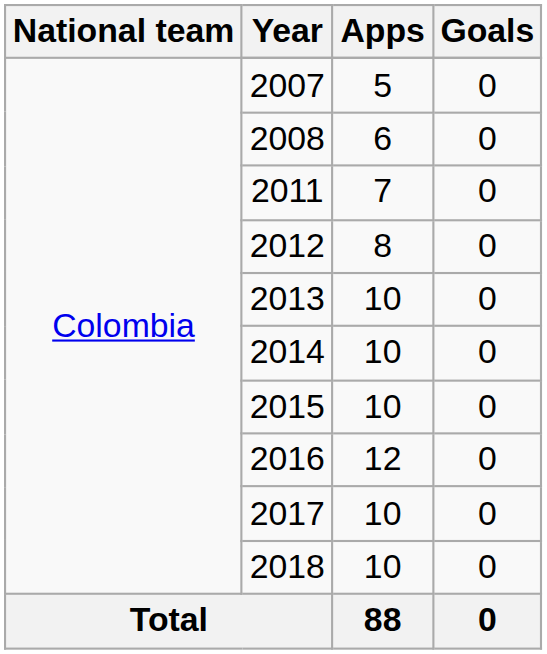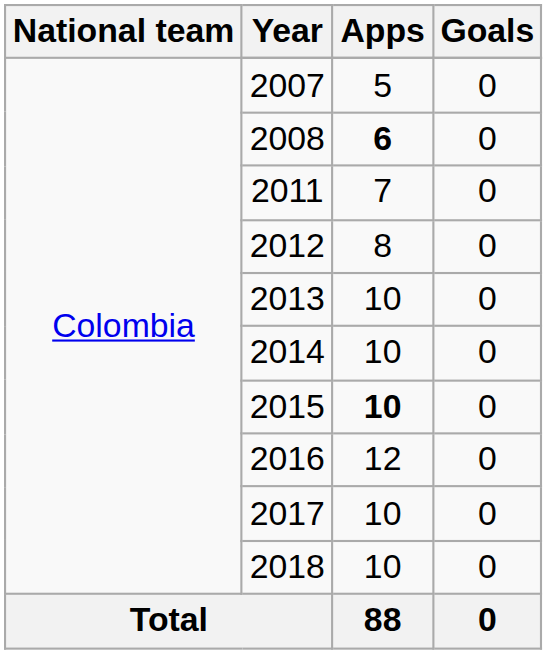 <table class=wikitable style=text-align:center>
 <tr>
 <th>National team</th>
 <th>Year</th>
 <th>Apps</th>
 <th>Goals</th>
 </tr>
 <tr>
 <td rowspan="11"><a href='#'>Colombia</a></td>
 </tr>
 <tr>
 <td>2007</td>
 <td>5</td>
 <td>0</td>
 </tr>
 <tr>
 <td>2008</td>
-<td>6</td>
+<td><strong>6</strong></td>
 <td>0</td>
 </tr>
 <tr>
 <td>2011</td>
 <td>7</td>
 <td>0</td>
 </tr>
 <tr>
 <td>2012</td>
 <td>8</td>
 <td>0</td>
 </tr>
 <tr>
 <td>2013</td>
 <td>10</td>
 <td>0</td>
 </tr>
 <tr>
 <td>2014</td>
 <td>10</td>
 <td>0</td>
 </tr>
 <tr>
 <td>2015</td>
-<td>10</td>
+<td><strong>10</strong></td>
 <td>0</td>
 </tr>
 <tr>
 <td>2016</td>
 <td>12</td>
 <td>0</td>
 </tr>
 <tr>
 <td>2017</td>
 <td>10</td>
 <td>0</td>
 </tr>
 <tr>
 <td>2018</td>
 <td>10</td>
 <td>0</td>
 </tr>
 <tr>
 <th colspan=2>Total</th>
 <th>88</th>
 <th>0</th>
 </tr>
 </table>
